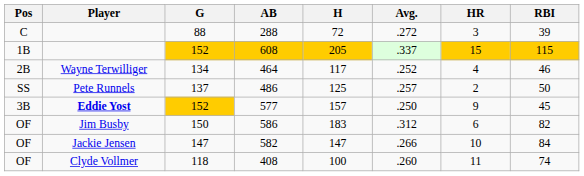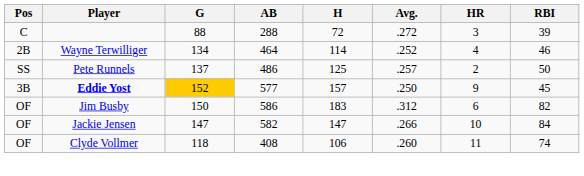 <table class="wikitable sortable">
 <tr>
 <th bgcolor="#DDDDFF" width="5%">Pos</th>
 <th bgcolor="#DDDDFF" width="16%">Player</th>
 <th bgcolor="#DDDDFF" width="9%">G</th>
 <th bgcolor="#DDDDFF" width="9%">AB</th>
 <th bgcolor="#DDDDFF" width="9%">H</th>
 <th bgcolor="#DDDDFF" width="9%">Avg.</th>
 <th bgcolor="#DDDDFF" width="9%">HR</th>
 <th bgcolor="#DDDDFF" width="9%">RBI</th>
 </tr>
 <tr align="center">
 <td>C</td>
 <td></td>
 <td>88</td>
 <td>288</td>
 <td>72</td>
 <td>.272</td>
 <td>3</td>
 <td>39</td>
 </tr>
 <tr align="center">
-<td>1B</td>
-<td></td>
-<td style="background:#fc0;">152</td>
-<td style="background:#fc0;">608</td>
-<td style="background:#fc0;">205</td>
-<td style="background:#DDFFDD;">.337</td>
-<td style="background:#fc0;">15</td>
-<td style="background:#fc0;">115</td>
-</tr>
-<tr align="center">
 <td>2B</td>
 <td><a href='#'>Wayne Terwilliger</a></td>
 <td>134</td>
 <td>464</td>
-<td>117</td>
+<td>114</td>
 <td>.252</td>
 <td>4</td>
 <td>46</td>
 </tr>
 <tr align="center">
 <td>SS</td>
 <td><a href='#'>Pete Runnels</a></td>
 <td>137</td>
 <td>486</td>
 <td>125</td>
 <td>.257</td>
 <td>2</td>
 <td>50</td>
 </tr>
 <tr align="center">
 <td>3B</td>
 <td><strong><a href='#'>Eddie Yost</a></strong></td>
 <td style="background:#fc0;">152</td>
 <td>577</td>
 <td>157</td>
 <td>.250</td>
 <td>9</td>
 <td>45</td>
 </tr>
 <tr align="center">
 <td>OF</td>
 <td><a href='#'>Jim Busby</a></td>
 <td>150</td>
 <td>586</td>
 <td>183</td>
 <td>.312</td>
 <td>6</td>
 <td>82</td>
 </tr>
 <tr align="center">
 <td>OF</td>
 <td><a href='#'>Jackie Jensen</a></td>
 <td>147</td>
 <td>582</td>
 <td>147</td>
 <td>.266</td>
 <td>10</td>
 <td>84</td>
 </tr>
 <tr align="center">
 <td>OF</td>
 <td><a href='#'>Clyde Vollmer</a></td>
 <td>118</td>
 <td>408</td>
-<td>100</td>
+<td>106</td>
 <td>.260</td>
 <td>11</td>
 <td>74</td>
 </tr>
 </table>
